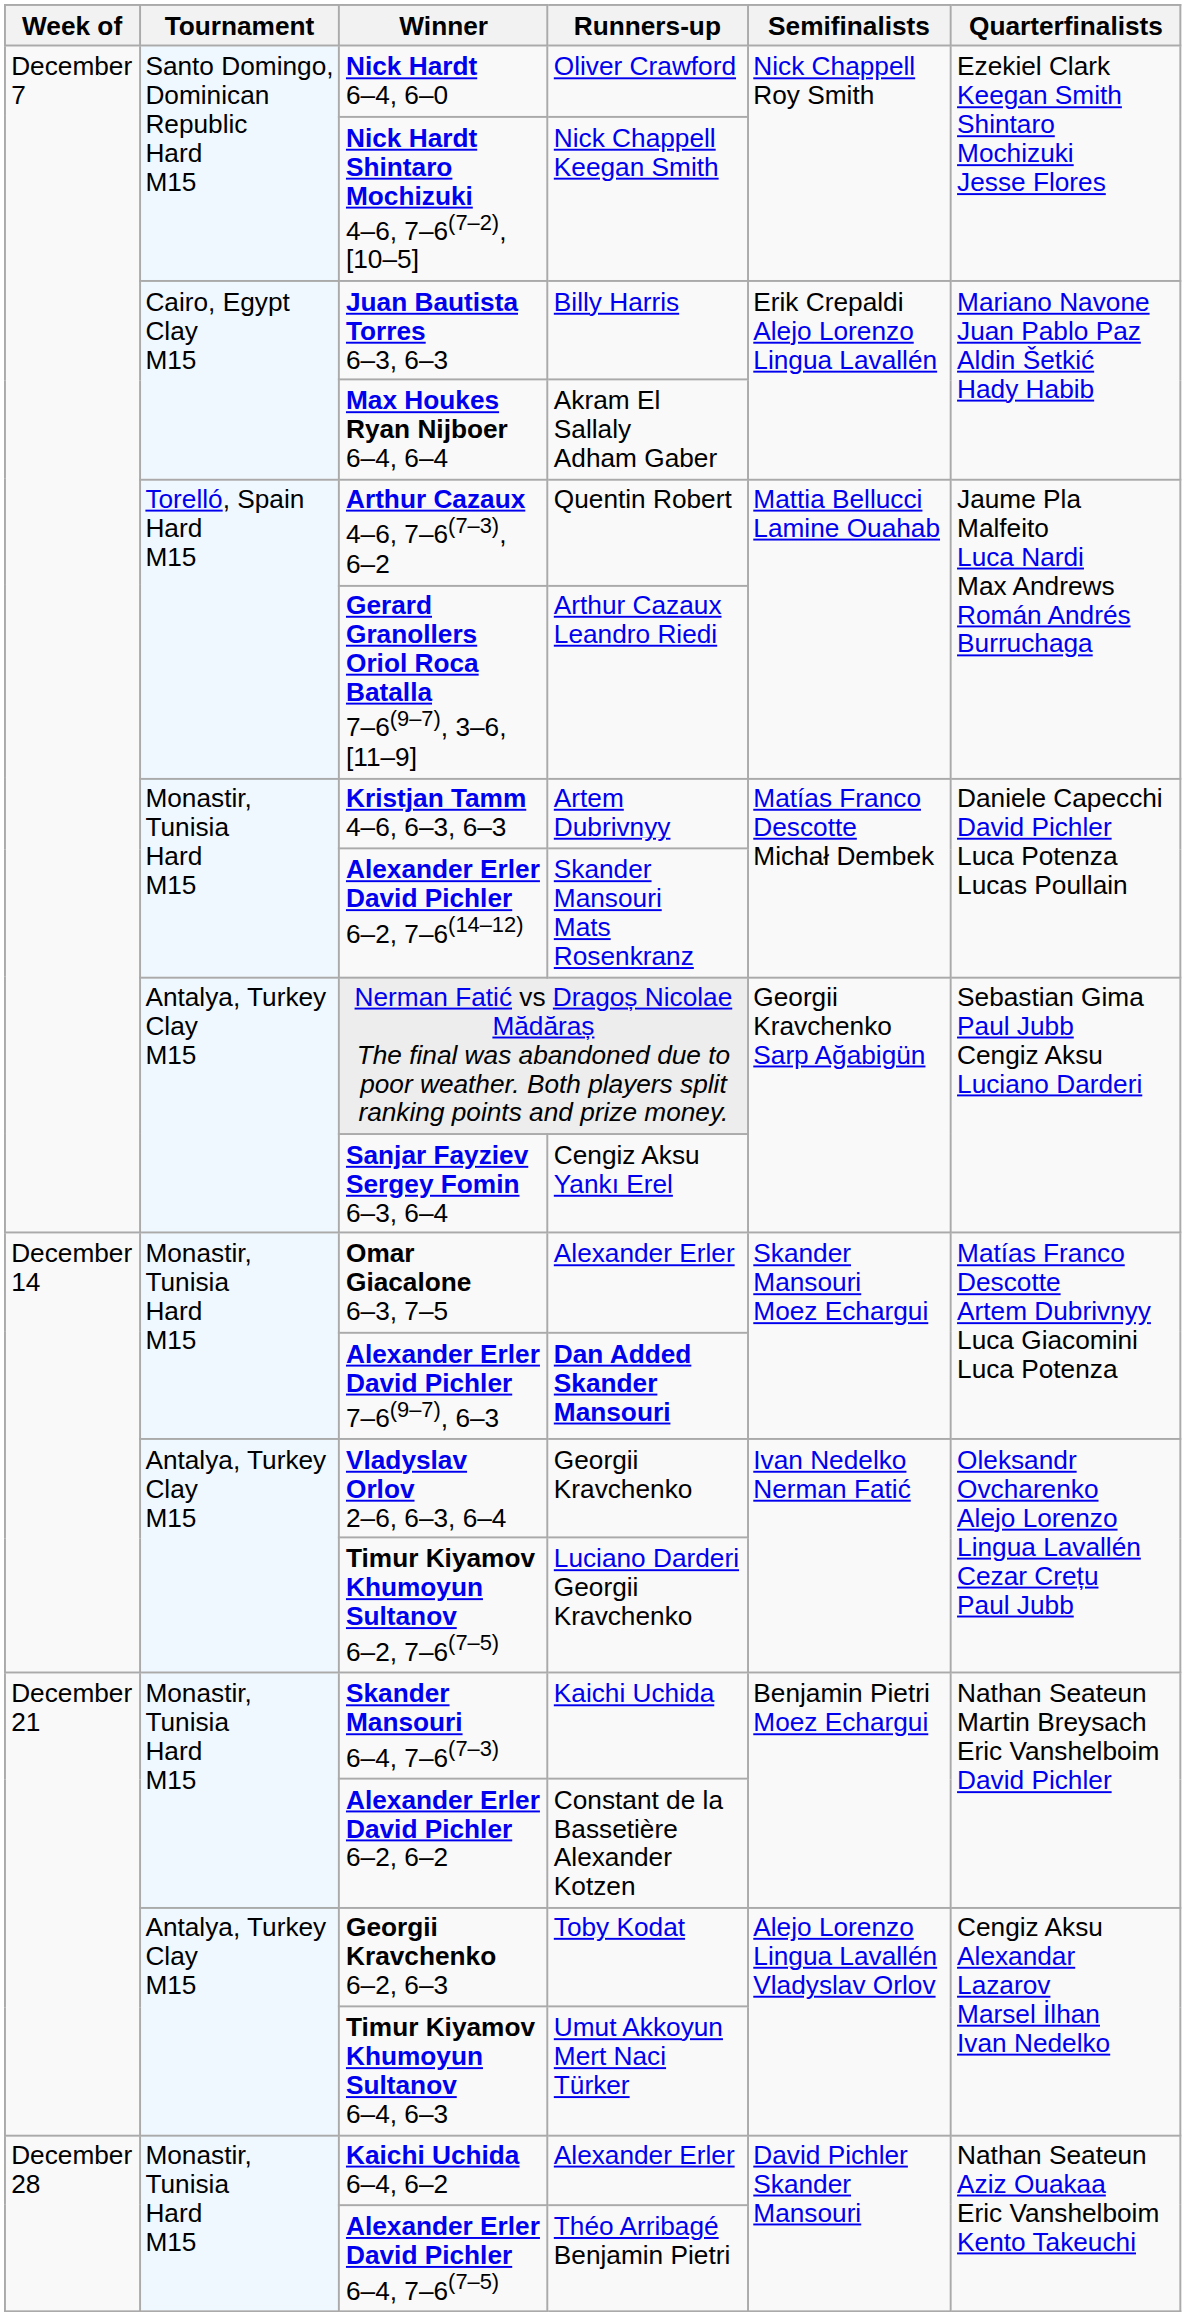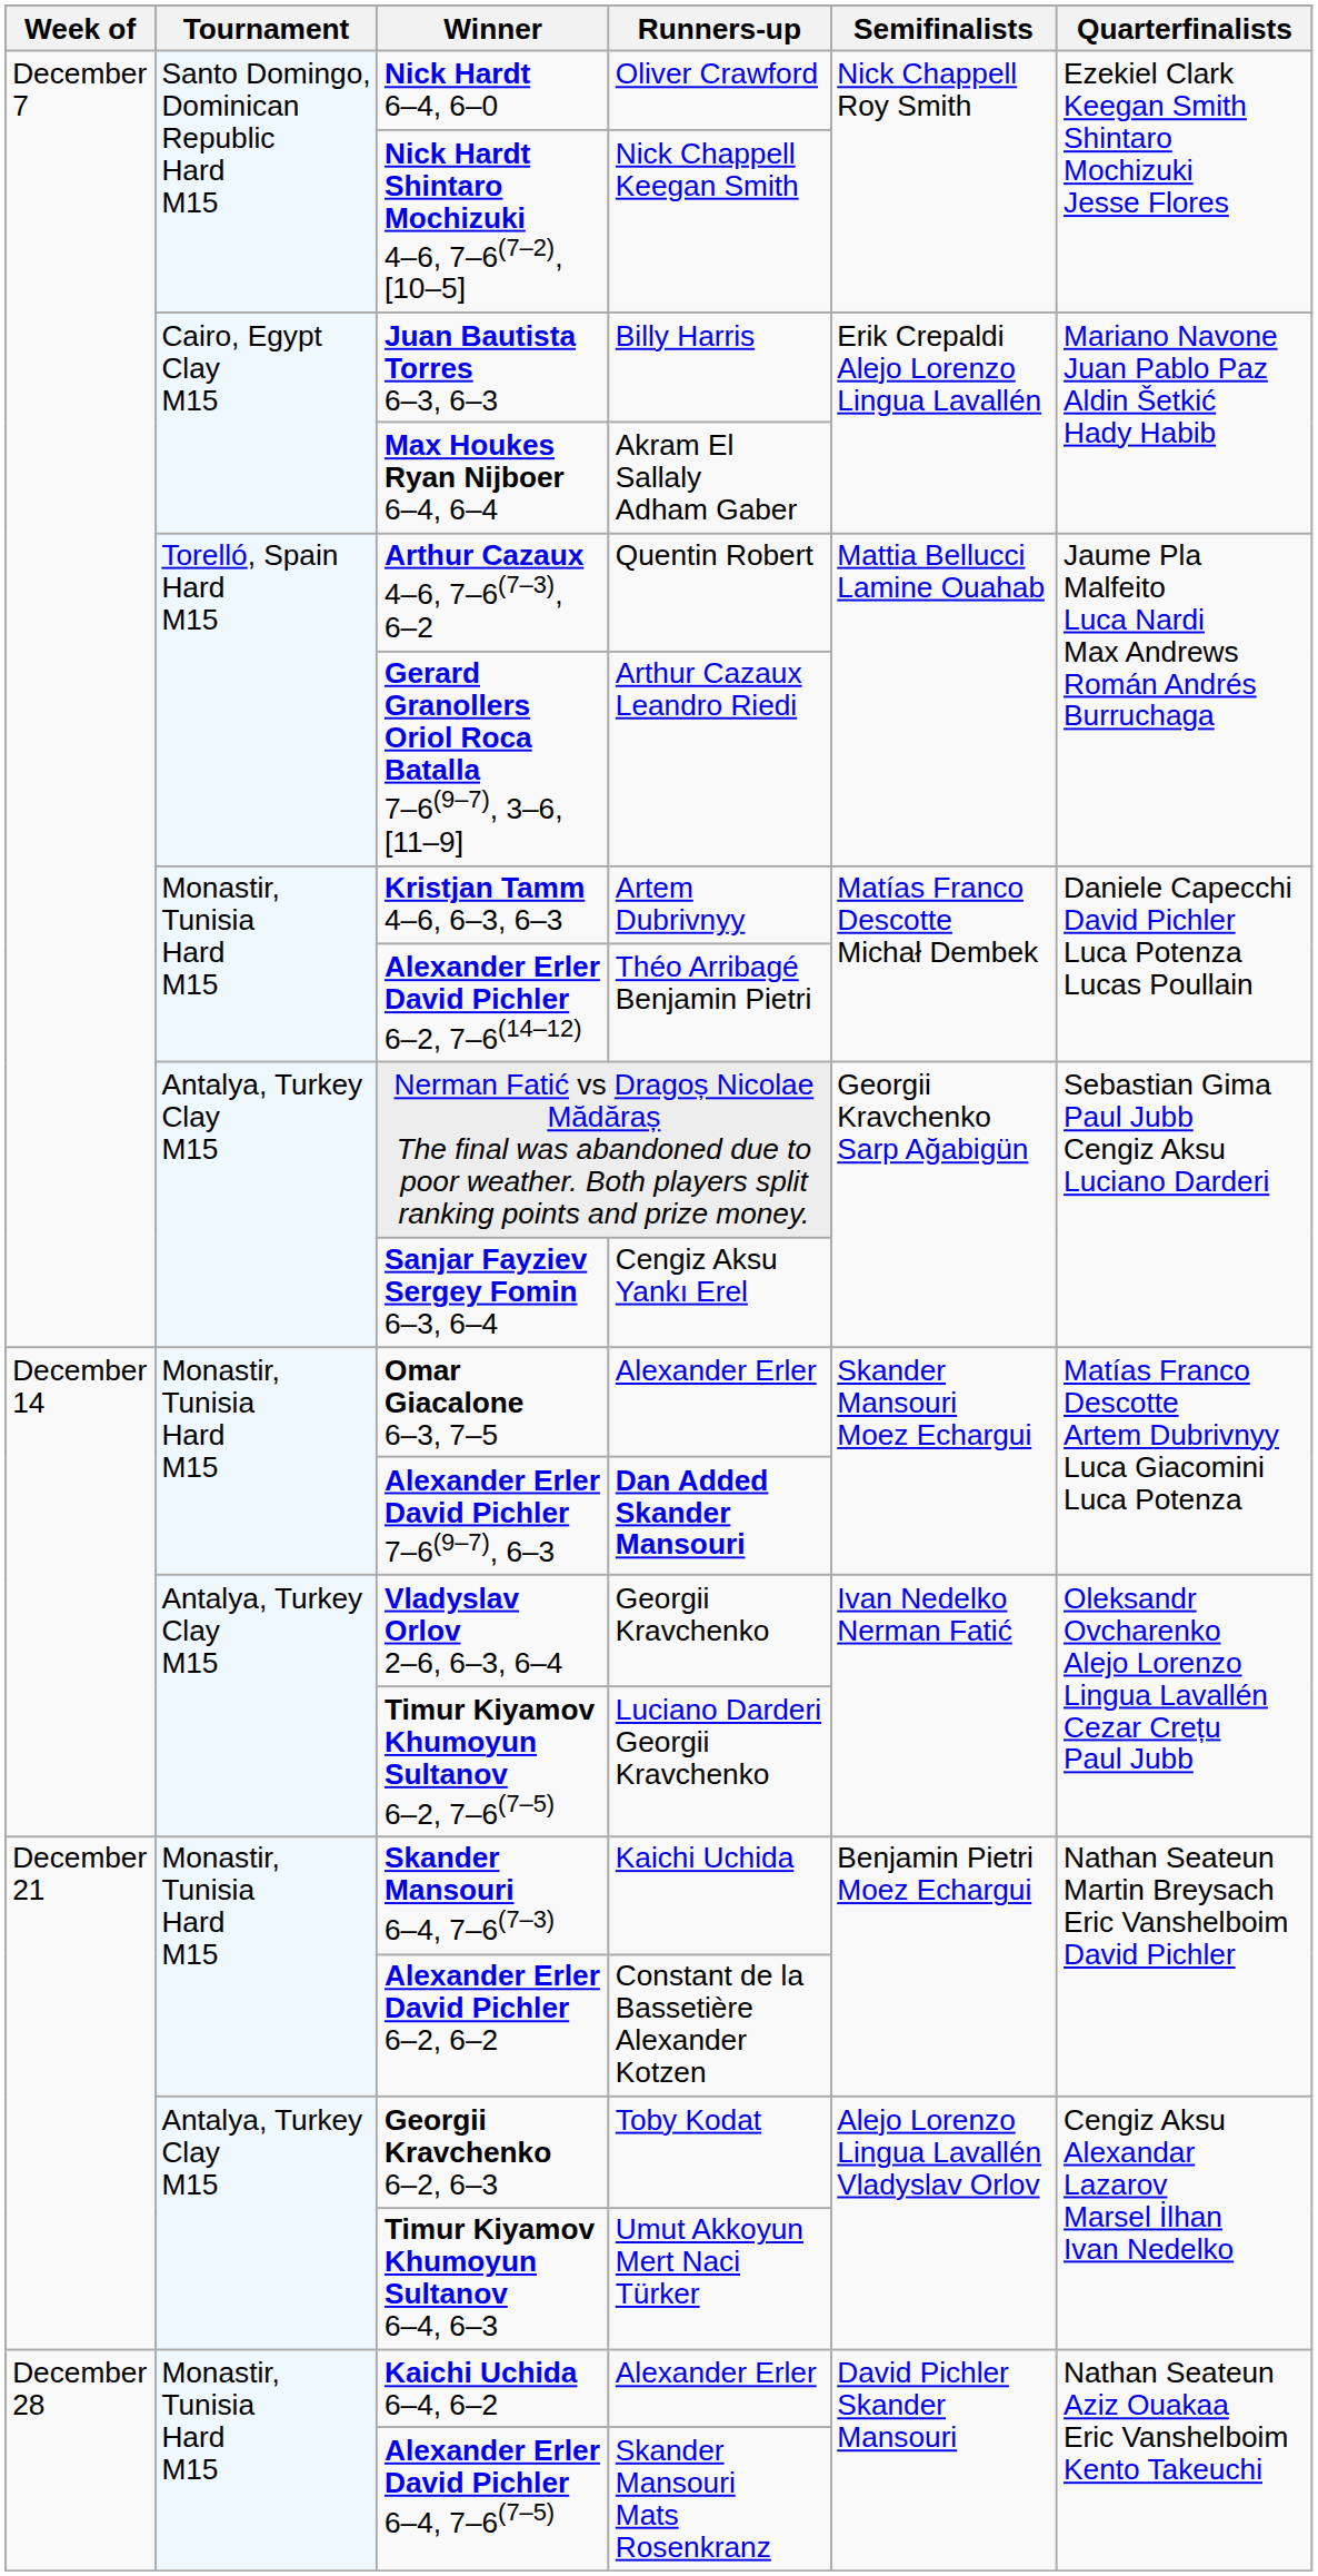 <table class="wikitable" style="font-size:85%;">
 <tr>
 <th width="65">Week of</th>
 <th style="width:190px;">Tournament</th>
 <th style="width:210px;">Winner</th>
 <th style="width:210px;">Runners-up</th>
 <th style="width:170px;">Semifinalists</th>
 <th style="width:170px;">Quarterfinalists</th>
 </tr>
 <tr valign=top>
 <td rowspan=10>December 7</td>
 <td rowspan="2" style="background:#f0f8ff;">Santo Domingo, Dominican Republic <br> Hard <br> M15 <br> </td>
 <td><strong> <a href='#'>Nick Hardt</a></strong> <br> 6–4, 6–0</td>
 <td> <a href='#'>Oliver Crawford</a></td>
 <td rowspan=2> <a href='#'>Nick Chappell</a> <br>  Roy Smith</td>
 <td rowspan=2> Ezekiel Clark <br>  <a href='#'>Keegan Smith</a> <br>  <a href='#'>Shintaro Mochizuki</a> <br>  <a href='#'>Jesse Flores</a></td>
 </tr>
 <tr valign=top>
 <td><strong> <a href='#'>Nick Hardt</a> <br>  <a href='#'>Shintaro Mochizuki</a></strong> <br> 4–6, 7–6<sup>(7–2)</sup>, [10–5]</td>
 <td> <a href='#'>Nick Chappell</a> <br>  <a href='#'>Keegan Smith</a></td>
 </tr>
 <tr valign=top>
 <td rowspan="2" style="background:#f0f8ff;">Cairo, Egypt <br> Clay <br> M15 <br> </td>
 <td><strong> <a href='#'>Juan Bautista Torres</a></strong> <br> 6–3, 6–3</td>
 <td> <a href='#'>Billy Harris</a></td>
 <td rowspan=2> Erik Crepaldi <br>  <a href='#'>Alejo Lorenzo Lingua Lavallén</a></td>
 <td rowspan=2> <a href='#'>Mariano Navone</a> <br>  <a href='#'>Juan Pablo Paz</a> <br>  <a href='#'>Aldin Šetkić</a> <br>  <a href='#'>Hady Habib</a></td>
 </tr>
 <tr valign=top>
 <td><strong> <a href='#'>Max Houkes</a> <br>  Ryan Nijboer</strong> <br> 6–4, 6–4</td>
 <td> Akram El Sallaly <br>  Adham Gaber</td>
 </tr>
 <tr valign=top>
 <td rowspan="2" style="background:#f0f8ff;"><a href='#'>Torelló</a>, Spain <br> Hard <br> M15 <br> </td>
 <td><strong> <a href='#'>Arthur Cazaux</a></strong> <br> 4–6, 7–6<sup>(7–3)</sup>, 6–2</td>
 <td> Quentin Robert</td>
 <td rowspan=2> <a href='#'>Mattia Bellucci</a> <br>  <a href='#'>Lamine Ouahab</a></td>
 <td rowspan=2> Jaume Pla Malfeito <br>  <a href='#'>Luca Nardi</a> <br>  Max Andrews <br>  <a href='#'>Román Andrés Burruchaga</a></td>
 </tr>
 <tr valign=top>
 <td><strong> <a href='#'>Gerard Granollers</a> <br>  <a href='#'>Oriol Roca Batalla</a></strong> <br> 7–6<sup>(9–7)</sup>, 3–6, [11–9]</td>
 <td> <a href='#'>Arthur Cazaux</a> <br>  <a href='#'>Leandro Riedi</a></td>
 </tr>
 <tr valign=top>
 <td rowspan="2" style="background:#f0f8ff;">Monastir, Tunisia <br> Hard <br> M15 <br> </td>
 <td><strong> <a href='#'>Kristjan Tamm</a></strong> <br> 4–6, 6–3, 6–3</td>
 <td> <a href='#'>Artem Dubrivnyy</a></td>
 <td rowspan=2> <a href='#'>Matías Franco Descotte</a> <br>  Michał Dembek</td>
 <td rowspan=2> Daniele Capecchi <br>  <a href='#'>David Pichler</a> <br>  Luca Potenza <br>  Lucas Poullain</td>
 </tr>
 <tr valign=top>
 <td><strong> <a href='#'>Alexander Erler</a> <br>  <a href='#'>David Pichler</a></strong> <br> 6–2, 7–6<sup>(14–12)</sup></td>
-<td> <a href='#'>Skander Mansouri</a> <br>  <a href='#'>Mats Rosenkranz</a></td>
+<td> <a href='#'>Théo Arribagé</a> <br>  Benjamin Pietri</td>
 </tr>
 <tr valign=top>
 <td rowspan="2" style="background:#f0f8ff;">Antalya, Turkey <br> Clay <br> M15 <br> </td>
 <td colspan=2 rowspan=1 style="text-align:center; background:#ededed;"> <a href='#'>Nerman Fatić</a> vs  <a href='#'>Dragoș Nicolae Mădăraș</a> <br> <em>The final was abandoned due to poor weather. Both players split ranking points and prize money.</em></td>
 <td rowspan=2> Georgii Kravchenko <br>  <a href='#'>Sarp Ağabigün</a></td>
 <td rowspan=2> Sebastian Gima <br>  <a href='#'>Paul Jubb</a> <br>  Cengiz Aksu <br>  <a href='#'>Luciano Darderi</a></td>
 </tr>
 <tr valign=top>
 <td><strong> <a href='#'>Sanjar Fayziev</a> <br>  <a href='#'>Sergey Fomin</a></strong> <br> 6–3, 6–4</td>
 <td> Cengiz Aksu <br>  <a href='#'>Yankı Erel</a></td>
 </tr>
 <tr valign=top>
 <td rowspan=4>December 14</td>
 <td rowspan="2" style="background:#f0f8ff;">Monastir, Tunisia <br> Hard <br> M15 <br> </td>
 <td><strong> Omar Giacalone</strong> <br> 6–3, 7–5</td>
 <td> <a href='#'>Alexander Erler</a></td>
 <td rowspan=2> <a href='#'>Skander Mansouri</a> <br>  <a href='#'>Moez Echargui</a></td>
 <td rowspan=2> <a href='#'>Matías Franco Descotte</a> <br>  <a href='#'>Artem Dubrivnyy</a> <br>  Luca Giacomini <br>  Luca Potenza</td>
 </tr>
 <tr valign=top>
 <td><strong> <a href='#'>Alexander Erler</a> <br>  <a href='#'>David Pichler</a></strong> <br> 7–6<sup>(9–7)</sup>, 6–3</td>
 <td><strong> <a href='#'>Dan Added</a> <br>  <a href='#'>Skander Mansouri</a></strong></td>
 </tr>
 <tr valign=top>
 <td rowspan="2" style="background:#f0f8ff;">Antalya, Turkey <br> Clay <br> M15 <br> </td>
 <td><strong> <a href='#'>Vladyslav Orlov</a></strong> <br> 2–6, 6–3, 6–4</td>
 <td> Georgii Kravchenko</td>
 <td rowspan=2> <a href='#'>Ivan Nedelko</a> <br>  <a href='#'>Nerman Fatić</a></td>
 <td rowspan=2> <a href='#'>Oleksandr Ovcharenko</a> <br>  <a href='#'>Alejo Lorenzo Lingua Lavallén</a> <br>  <a href='#'>Cezar Crețu</a> <br> <a href='#'>Paul Jubb</a></td>
 </tr>
 <tr valign=top>
 <td><strong> Timur Kiyamov <br>  <a href='#'>Khumoyun Sultanov</a></strong> <br> 6–2, 7–6<sup>(7–5)</sup></td>
 <td> <a href='#'>Luciano Darderi</a> <br>  Georgii Kravchenko</td>
 </tr>
 <tr valign=top>
 <td rowspan=4>December 21</td>
 <td rowspan="2" style="background:#f0f8ff;">Monastir, Tunisia <br> Hard <br> M15 <br> </td>
 <td><strong> <a href='#'>Skander Mansouri</a></strong> <br> 6–4, 7–6<sup>(7–3)</sup></td>
 <td> <a href='#'>Kaichi Uchida</a></td>
 <td rowspan=2> Benjamin Pietri <br>  <a href='#'>Moez Echargui</a></td>
 <td rowspan=2> Nathan Seateun <br>  Martin Breysach <br>  Eric Vanshelboim <br>  <a href='#'>David Pichler</a></td>
 </tr>
 <tr valign=top>
 <td><strong> <a href='#'>Alexander Erler</a> <br>  <a href='#'>David Pichler</a></strong> <br> 6–2, 6–2</td>
 <td> Constant de la Bassetière <br>  Alexander Kotzen</td>
 </tr>
 <tr valign=top>
 <td rowspan="2" style="background:#f0f8ff;">Antalya, Turkey <br> Clay <br> M15 <br> </td>
 <td><strong> Georgii Kravchenko</strong> <br> 6–2, 6–3</td>
 <td> <a href='#'>Toby Kodat</a></td>
 <td rowspan=2> <a href='#'>Alejo Lorenzo Lingua Lavallén</a> <br>  <a href='#'>Vladyslav Orlov</a></td>
 <td rowspan=2> Cengiz Aksu <br>  <a href='#'>Alexandar Lazarov</a> <br>  <a href='#'>Marsel İlhan</a>  <br>  <a href='#'>Ivan Nedelko</a></td>
 </tr>
 <tr valign=top>
 <td><strong> Timur Kiyamov <br>  <a href='#'>Khumoyun Sultanov</a></strong> <br> 6–4, 6–3</td>
 <td> <a href='#'>Umut Akkoyun</a> <br>  <a href='#'>Mert Naci Türker</a></td>
 </tr>
 <tr valign=top>
 <td rowspan=2>December 28</td>
 <td rowspan="2" style="background:#f0f8ff;">Monastir, Tunisia <br> Hard <br> M15 <br> </td>
 <td><strong> <a href='#'>Kaichi Uchida</a></strong> <br> 6–4, 6–2</td>
 <td> <a href='#'>Alexander Erler</a></td>
 <td rowspan=2> <a href='#'>David Pichler</a> <br>  <a href='#'>Skander Mansouri</a></td>
 <td rowspan=2> Nathan Seateun <br>  <a href='#'>Aziz Ouakaa</a> <br>  Eric Vanshelboim <br>  <a href='#'>Kento Takeuchi</a></td>
 </tr>
 <tr valign=top>
 <td><strong> <a href='#'>Alexander Erler</a> <br>  <a href='#'>David Pichler</a></strong> <br> 6–4, 7–6<sup>(7–5)</sup></td>
-<td> <a href='#'>Théo Arribagé</a> <br>  Benjamin Pietri</td>
+<td> <a href='#'>Skander Mansouri</a> <br>  <a href='#'>Mats Rosenkranz</a></td>
 </tr>
 </table>
